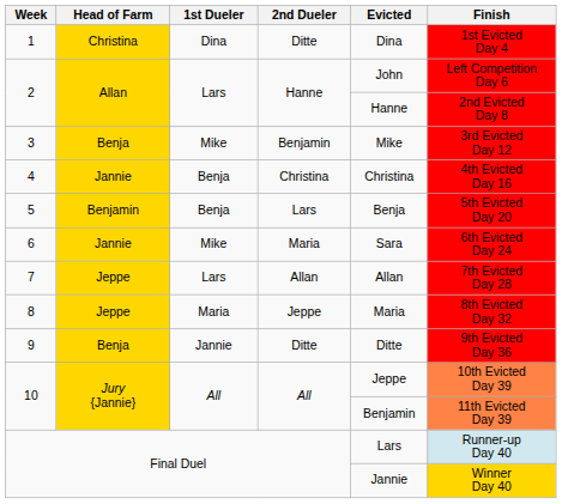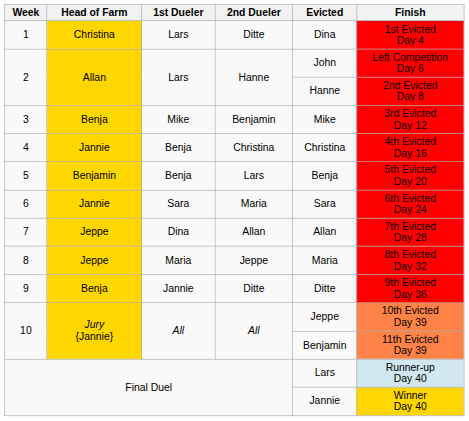 <table class="wikitable" style="font-size:100%; text-align:center; width: 80%; margin-left: auto; margin-right: auto;">
 <tr>
 <th>Week</th>
 <th>Head of Farm</th>
 <th>1st Dueler</th>
 <th>2nd Dueler</th>
 <th>Evicted</th>
 <th>Finish</th>
 </tr>
 <tr>
 <td>1</td>
 <td style="background:gold;">Christina</td>
-<td>Dina</td>
+<td>Lars</td>
 <td>Ditte</td>
 <td>Dina</td>
 <td style="background:#ff0000">1st Evicted<br>Day 4</td>
 </tr>
 <tr>
 <td rowspan="2">2</td>
 <td rowspan="2" style="background:gold;">Allan</td>
 <td rowspan="2">Lars</td>
 <td rowspan="2">Hanne</td>
 <td rowspan="1">John</td>
 <td rowspan="1" style="background:#ff0000">Left Competition<br>Day 6</td>
 </tr>
 <tr>
 <td rowspan="1">Hanne</td>
 <td rowspan="1" style="background:#ff0000">2nd Evicted<br>Day 8</td>
 </tr>
 <tr>
 <td>3</td>
 <td style="background:gold;">Benja</td>
 <td>Mike</td>
 <td>Benjamin</td>
 <td>Mike</td>
 <td style="background:#ff0000">3rd Evicted<br>Day 12</td>
 </tr>
 <tr>
 <td>4</td>
 <td style="background:gold;">Jannie</td>
 <td>Benja</td>
 <td>Christina</td>
 <td>Christina</td>
 <td style="background:#ff0000">4th Evicted<br>Day 16</td>
 </tr>
 <tr>
 <td>5</td>
 <td style="background:gold;">Benjamin</td>
 <td>Benja</td>
 <td>Lars</td>
 <td>Benja</td>
 <td style="background:#ff0000">5th Evicted<br>Day 20</td>
 </tr>
 <tr>
 <td>6</td>
 <td style="background:gold;">Jannie</td>
-<td>Mike</td>
+<td>Sara</td>
 <td>Maria</td>
 <td>Sara</td>
 <td style="background:#ff0000">6th Evicted<br>Day 24</td>
 </tr>
 <tr>
 <td>7</td>
 <td style="background:gold;">Jeppe</td>
-<td>Lars</td>
+<td>Dina</td>
 <td>Allan</td>
 <td>Allan</td>
 <td style="background:#ff0000">7th Evicted<br>Day 28</td>
 </tr>
 <tr>
 <td>8</td>
 <td style="background:gold;">Jeppe</td>
 <td>Maria</td>
 <td>Jeppe</td>
 <td>Maria</td>
 <td style="background:#ff0000">8th Evicted<br>Day 32</td>
 </tr>
 <tr>
 <td>9</td>
 <td style="background:gold;">Benja</td>
 <td>Jannie</td>
 <td>Ditte</td>
 <td>Ditte</td>
 <td style="background:#ff0000">9th Evicted<br>Day 36</td>
 </tr>
 <tr>
 <td rowspan="2">10</td>
 <td rowspan="2" style="background:gold;"><em>Jury</em><br>{Jannie}</td>
 <td rowspan="2"><em>All</em></td>
 <td rowspan="2"><em>All</em></td>
 <td>Jeppe</td>
 <td style="background:#FF8247;">10th Evicted<br>Day 39</td>
 </tr>
 <tr>
 <td>Benjamin</td>
 <td style="background:#FF8247;">11th Evicted<br>Day 39</td>
 </tr>
 <tr>
 <td colspan="4" rowspan="2">Final Duel</td>
 <td>Lars</td>
 <td style="background:#D1E8EF;">Runner-up<br>Day 40</td>
 </tr>
 <tr>
 <td>Jannie</td>
 <td style="background:gold;">Winner<br>Day 40</td>
 </tr>
 </table>
